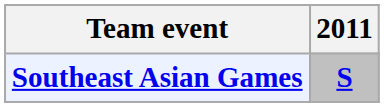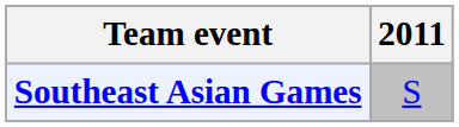 <table class="wikitable" style="font-size: 90%; text-align:center">
 <tr>
 <th>Team event</th>
 <th>2011</th>
 </tr>
 <tr>
 <td bgcolor="#ECF2FF"; align="left"><strong><a href='#'>Southeast Asian Games</a></strong></td>
-<td bgcolor=silver><strong><a href='#'>S</a></strong></td>
+<td bgcolor=silver><a href='#'>S</a></td>
 </tr>
 </table>
